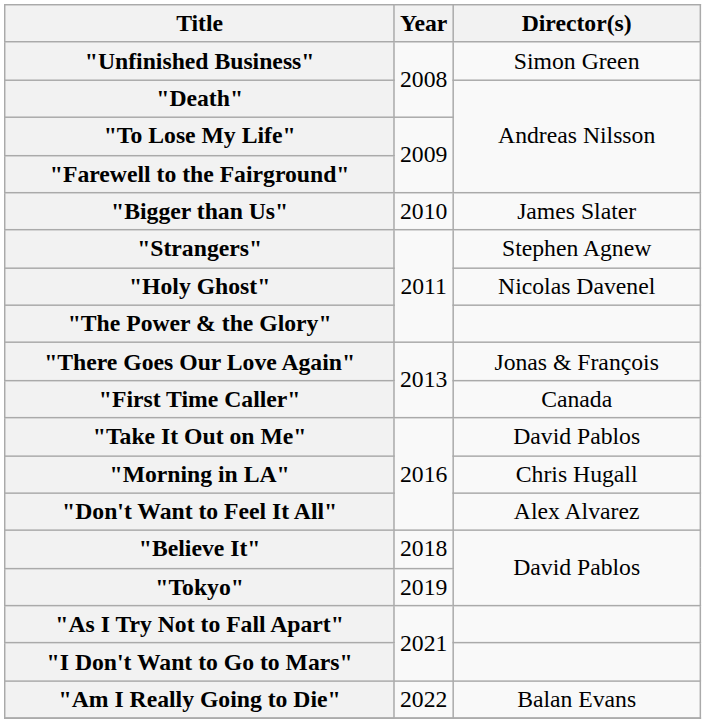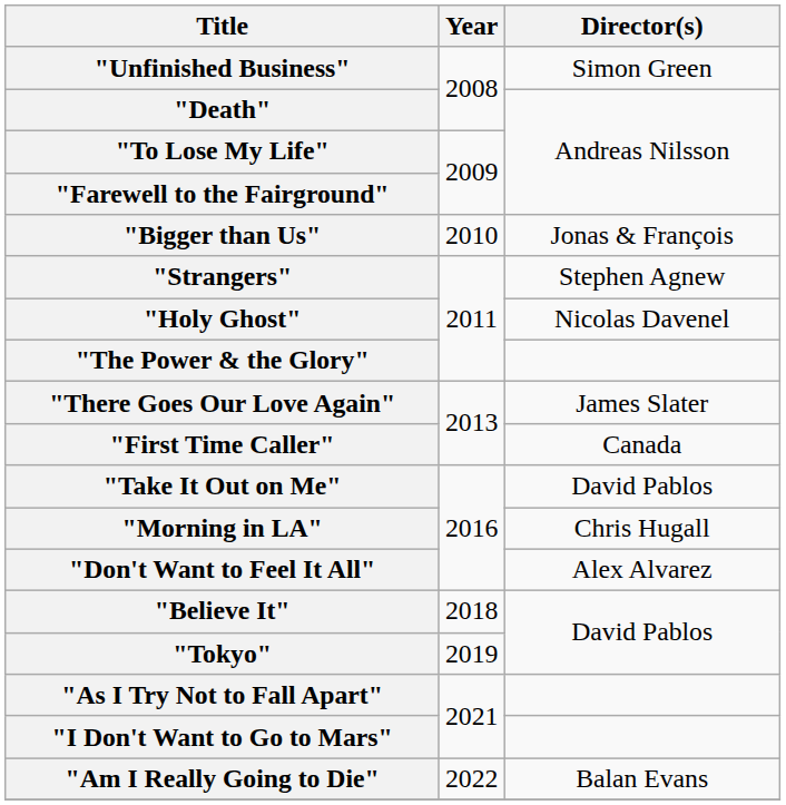 <table class="wikitable plainrowheaders" style="text-align:center;">
 <tr>
 <th scope="col" style="width:16em;">Title</th>
 <th scope="col">Year</th>
 <th scope="col" style="width:10em;">Director(s)</th>
 </tr>
 <tr>
 <th scope="row">"Unfinished Business"</th>
 <td rowspan="2">2008</td>
 <td>Simon Green</td>
 </tr>
 <tr>
 <th scope="row">"Death"</th>
 <td rowspan="3">Andreas Nilsson</td>
 </tr>
 <tr>
 <th scope="row">"To Lose My Life"</th>
 <td rowspan="2">2009</td>
 </tr>
 <tr>
 <th scope="row">"Farewell to the Fairground"</th>
 </tr>
 <tr>
 <th scope="row">"Bigger than Us"</th>
 <td>2010</td>
-<td>James Slater</td>
+<td>Jonas & François</td>
 </tr>
 <tr>
 <th scope="row">"Strangers"</th>
 <td rowspan="3">2011</td>
 <td>Stephen Agnew</td>
 </tr>
 <tr>
 <th scope="row">"Holy Ghost"</th>
 <td>Nicolas Davenel</td>
 </tr>
 <tr>
 <th scope="row">"The Power & the Glory"</th>
 <td></td>
 </tr>
 <tr>
 <th scope="row">"There Goes Our Love Again"</th>
 <td rowspan="2">2013</td>
-<td>Jonas & François</td>
+<td>James Slater</td>
 </tr>
 <tr>
 <th scope="row">"First Time Caller"</th>
 <td>Canada</td>
 </tr>
 <tr>
 <th scope="row">"Take It Out on Me"</th>
 <td rowspan="3">2016</td>
 <td>David Pablos</td>
 </tr>
 <tr>
 <th scope="row">"Morning in LA"</th>
 <td>Chris Hugall</td>
 </tr>
 <tr>
 <th scope="row">"Don't Want to Feel It All"</th>
 <td>Alex Alvarez</td>
 </tr>
 <tr>
 <th scope="row">"Believe It"</th>
 <td>2018</td>
 <td rowspan="2">David Pablos</td>
 </tr>
 <tr>
 <th scope="row">"Tokyo"</th>
 <td>2019</td>
 </tr>
 <tr>
 <th scope="row">"As I Try Not to Fall Apart"</th>
 <td rowspan="2">2021</td>
 <td></td>
 </tr>
 <tr>
 <th scope="row">"I Don't Want to Go to Mars"</th>
 <td></td>
 </tr>
 <tr>
 <th scope="row">"Am I Really Going to Die"</th>
 <td>2022</td>
 <td>Balan Evans</td>
 </tr>
 <tr>
 </tr>
 </table>
